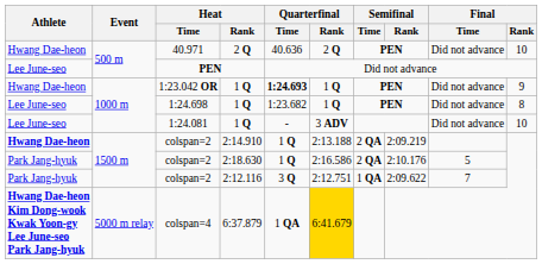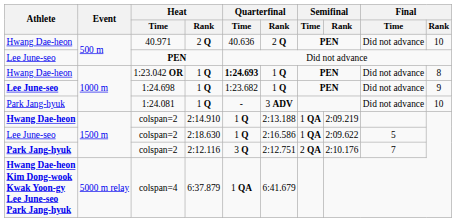 <table class=wikitable style="font-size:90%; text-align:center">
 <tr>
 <th rowspan=2>Athlete</th>
 <th rowspan=2>Event</th>
 <th colspan=2>Heat</th>
 <th colspan=2>Quarterfinal</th>
 <th colspan=2>Semifinal</th>
 <th colspan=2>Final</th>
 </tr>
 <tr style=font-size:95%>
 <th>Time</th>
 <th>Rank</th>
 <th>Time</th>
 <th>Rank</th>
 <th>Time</th>
 <th>Rank</th>
 <th>Time</th>
 <th>Rank</th>
 </tr>
 <tr>
 <td align=left><a href='#'>Hwang Dae-heon</a></td>
 <td align=left rowspan=2><a href='#'>500 m</a></td>
 <td>40.971</td>
 <td>2 <strong>Q</strong></td>
 <td>40.636</td>
 <td>2 <strong>Q</strong></td>
 <td colspan=2><strong>PEN</strong></td>
 <td>Did not advance</td>
 <td>10</td>
 </tr>
 <tr>
 <td align=left><a href='#'>Lee June-seo</a></td>
 <td colspan=2><strong>PEN</strong></td>
 <td colspan=6>Did not advance</td>
 </tr>
 <tr>
 <td align=left><a href='#'>Hwang Dae-heon</a></td>
 <td align=left rowspan=3><a href='#'>1000 m</a></td>
 <td>1:23.042 <strong>OR</strong></td>
 <td>1 <strong>Q</strong></td>
 <td><strong>1:24.693</strong></td>
 <td>1 <strong>Q</strong></td>
 <td colspan=2><strong>PEN</strong></td>
 <td>Did not advance</td>
-<td>9</td>
+<td>8</td>
 </tr>
 <tr>
-<td align=left><a href='#'>Lee June-seo</a></td>
+<td align=left><strong><a href='#'>Lee June-seo</a></strong></td>
 <td>1:24.698</td>
 <td>1 <strong>Q</strong></td>
 <td>1:23.682</td>
 <td>1 <strong>Q</strong></td>
 <td colspan=2><strong>PEN</strong></td>
 <td>Did not advance</td>
-<td>8</td>
+<td>9</td>
 </tr>
 <tr>
-<td align=left><a href='#'>Lee June-seo</a></td>
+<td align=left><a href='#'>Park Jang-hyuk</a></td>
 <td>1:24.081</td>
 <td>1 <strong>Q</strong></td>
 <td>-</td>
 <td>3 <strong>ADV</strong></td>
 <td colspan=2></td>
 <td>Did not advance</td>
 <td>10</td>
 </tr>
 <tr>
 <td align=left><strong><a href='#'>Hwang Dae-heon</a></strong></td>
 <td align=left rowspan=3><a href='#'>1500 m</a></td>
 <td>colspan=2 </td>
 <td>2:14.910</td>
 <td>1 <strong>Q</strong></td>
 <td>2:13.188</td>
-<td>2 <strong>QA</strong></td>
+<td>1 <strong>QA</strong></td>
 <td>2:09.219</td>
 <td></td>
 </tr>
 <tr>
-<td align=left><a href='#'>Park Jang-hyuk</a></td>
+<td align=left><a href='#'>Lee June-seo</a></td>
 <td>colspan=2 </td>
 <td>2:18.630</td>
 <td>1 <strong>Q</strong></td>
 <td>2:16.586</td>
-<td>2 <strong>QA</strong></td>
-<td>2:10.176</td>
+<td>1 <strong>QA</strong></td>
+<td>2:09.622</td>
 <td>5</td>
 </tr>
 <tr>
-<td align=left><a href='#'>Park Jang-hyuk</a></td>
+<td align=left><strong><a href='#'>Park Jang-hyuk</a></strong></td>
 <td>colspan=2 </td>
 <td>2:12.116</td>
 <td>3 <strong>Q</strong></td>
 <td>2:12.751</td>
-<td>1 <strong>QA</strong></td>
-<td>2:09.622</td>
+<td>2 <strong>QA</strong></td>
+<td>2:10.176</td>
 <td>7</td>
 </tr>
 <tr>
 <td align=left><strong><a href='#'>Hwang Dae-heon</a><br><a href='#'>Kim Dong-wook</a><br><a href='#'>Kwak Yoon-gy</a><br><a href='#'>Lee June-seo</a><br><a href='#'>Park Jang-hyuk</a></strong></td>
 <td align=left><a href='#'>5000 m relay</a></td>
 <td>colspan=4 </td>
 <td>6:37.879</td>
 <td>1 <strong>QA</strong></td>
-<td style="background: gold;">6:41.679</td>
+<td>6:41.679</td>
 <td></td>
 </tr>
 </table>
